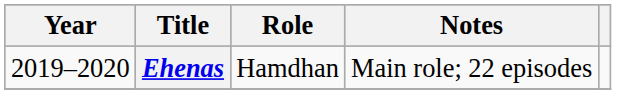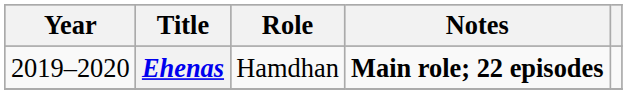 <table class="wikitable sortable plainrowheaders">
 <tr style="background:#ccc; text-align:center;">
 <th scope="col">Year</th>
 <th scope="col">Title</th>
 <th scope="col">Role</th>
 <th scope="col">Notes</th>
 <th scope="col" class="unsortable"></th>
 </tr>
 <tr>
 <td>2019–2020</td>
 <th scope="row"><em><a href='#'>Ehenas</a></em></th>
 <td>Hamdhan</td>
-<td>Main role; 22 episodes</td>
+<td><strong>Main role; 22 episodes</strong></td>
 <td style="text-align: center;"></td>
 </tr>
 <tr>
 </tr>
 </table>
